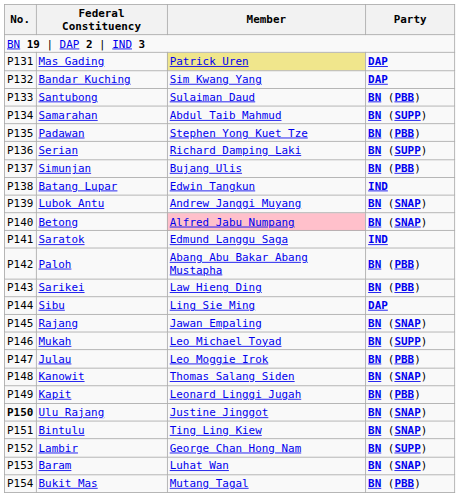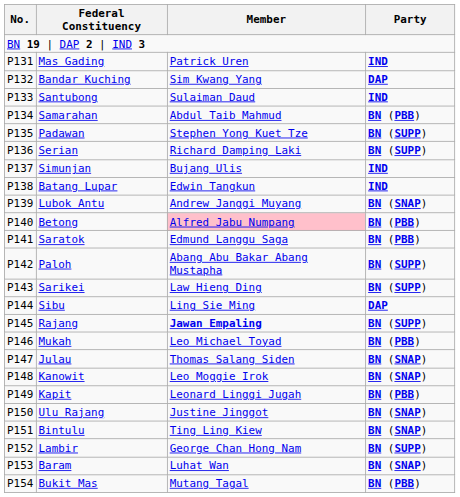 <table class="wikitable sortable">
 <tr>
 <th style="width:30px;">No.</th>
 <th style="width:150px;">Federal Constituency</th>
 <th style="width:230px;">Member</th>
 <th style="width:100px;">Party</th>
 </tr>
 <tr>
 <td colspan="4"><a href='#'>BN</a> <strong>19</strong> | <a href='#'>DAP</a> <strong>2</strong> | <a href='#'>IND</a> <strong>3</strong></td>
 </tr>
 <tr>
 <td>P131</td>
 <td><a href='#'>Mas Gading</a></td>
-<td style="background: khaki;"><a href='#'>Patrick Uren</a></td>
-<td><strong><a href='#'>DAP</a></strong></td>
+<td><a href='#'>Patrick Uren</a></td>
+<td><strong><a href='#'>IND</a></strong></td>
 </tr>
 <tr>
 <td>P132</td>
 <td><a href='#'>Bandar Kuching</a></td>
 <td><a href='#'>Sim Kwang Yang</a></td>
 <td><strong><a href='#'>DAP</a></strong></td>
 </tr>
 <tr>
 <td>P133</td>
 <td><a href='#'>Santubong</a></td>
 <td><a href='#'>Sulaiman Daud</a></td>
-<td><strong><a href='#'>BN</a></strong> (<strong><a href='#'>PBB</a></strong>)</td>
+<td><strong><a href='#'>IND</a></strong></td>
 </tr>
 <tr>
 <td>P134</td>
 <td><a href='#'>Samarahan</a></td>
 <td><a href='#'>Abdul Taib Mahmud</a></td>
-<td><strong><a href='#'>BN</a></strong> (<strong><a href='#'>SUPP</a></strong>)</td>
+<td><strong><a href='#'>BN</a></strong> (<strong><a href='#'>PBB</a></strong>)</td>
 </tr>
 <tr>
 <td>P135</td>
 <td><a href='#'>Padawan</a></td>
 <td><a href='#'>Stephen Yong Kuet Tze</a></td>
-<td><strong><a href='#'>BN</a></strong> (<strong><a href='#'>PBB</a></strong>)</td>
+<td><strong><a href='#'>BN</a></strong> (<strong><a href='#'>SUPP</a></strong>)</td>
 </tr>
 <tr>
 <td>P136</td>
 <td><a href='#'>Serian</a></td>
 <td><a href='#'>Richard Damping Laki</a></td>
 <td><strong><a href='#'>BN</a></strong> (<strong><a href='#'>SUPP</a></strong>)</td>
 </tr>
 <tr>
 <td>P137</td>
 <td><a href='#'>Simunjan</a></td>
 <td><a href='#'>Bujang Ulis</a></td>
-<td><strong><a href='#'>BN</a></strong> (<strong><a href='#'>PBB</a></strong>)</td>
+<td><strong><a href='#'>IND</a></strong></td>
 </tr>
 <tr>
 <td>P138</td>
 <td><a href='#'>Batang Lupar</a></td>
 <td><a href='#'>Edwin Tangkun</a></td>
 <td><strong><a href='#'>IND</a></strong></td>
 </tr>
 <tr>
 <td>P139</td>
 <td><a href='#'>Lubok Antu</a></td>
 <td><a href='#'>Andrew Janggi Muyang</a></td>
 <td><strong><a href='#'>BN</a></strong> (<strong><a href='#'>SNAP</a></strong>)</td>
 </tr>
 <tr>
 <td>P140</td>
 <td><a href='#'>Betong</a></td>
 <td style="background: pink;"><a href='#'>Alfred Jabu Numpang</a></td>
-<td><strong><a href='#'>BN</a></strong> (<strong><a href='#'>SNAP</a></strong>)</td>
+<td><strong><a href='#'>BN</a></strong> (<strong><a href='#'>PBB</a></strong>)</td>
 </tr>
 <tr>
 <td>P141</td>
 <td><a href='#'>Saratok</a></td>
 <td><a href='#'>Edmund Langgu Saga</a></td>
-<td><strong><a href='#'>IND</a></strong></td>
+<td><strong><a href='#'>BN</a></strong> (<strong><a href='#'>PBB</a></strong>)</td>
 </tr>
 <tr>
 <td>P142</td>
 <td><a href='#'>Paloh</a></td>
 <td><a href='#'>Abang Abu Bakar Abang Mustapha</a></td>
-<td><strong><a href='#'>BN</a></strong> (<strong><a href='#'>PBB</a></strong>)</td>
+<td><strong><a href='#'>BN</a></strong> (<strong><a href='#'>SUPP</a></strong>)</td>
 </tr>
 <tr>
 <td>P143</td>
 <td><a href='#'>Sarikei</a></td>
 <td><a href='#'>Law Hieng Ding</a></td>
-<td><strong><a href='#'>BN</a></strong> (<strong><a href='#'>PBB</a></strong>)</td>
+<td><strong><a href='#'>BN</a></strong> (<strong><a href='#'>SUPP</a></strong>)</td>
 </tr>
 <tr>
 <td>P144</td>
 <td><a href='#'>Sibu</a></td>
 <td><a href='#'>Ling Sie Ming</a></td>
 <td><strong><a href='#'>DAP</a></strong></td>
 </tr>
 <tr>
 <td>P145</td>
 <td><a href='#'>Rajang</a></td>
-<td><a href='#'>Jawan Empaling</a></td>
-<td><strong><a href='#'>BN</a></strong> (<strong><a href='#'>SNAP</a></strong>)</td>
+<td><strong><a href='#'>Jawan Empaling</a></strong></td>
+<td><strong><a href='#'>BN</a></strong> (<strong><a href='#'>SUPP</a></strong>)</td>
 </tr>
 <tr>
 <td>P146</td>
 <td><a href='#'>Mukah</a></td>
 <td><a href='#'>Leo Michael Toyad</a></td>
-<td><strong><a href='#'>BN</a></strong> (<strong><a href='#'>SUPP</a></strong>)</td>
+<td><strong><a href='#'>BN</a></strong> (<strong><a href='#'>PBB</a></strong>)</td>
 </tr>
 <tr>
 <td>P147</td>
 <td><a href='#'>Julau</a></td>
-<td><a href='#'>Leo Moggie Irok</a></td>
-<td><strong><a href='#'>BN</a></strong> (<strong><a href='#'>PBB</a></strong>)</td>
+<td><a href='#'>Thomas Salang Siden</a></td>
+<td><strong><a href='#'>BN</a></strong> (<strong><a href='#'>SNAP</a></strong>)</td>
 </tr>
 <tr>
 <td>P148</td>
 <td><a href='#'>Kanowit</a></td>
-<td><a href='#'>Thomas Salang Siden</a></td>
+<td><a href='#'>Leo Moggie Irok</a></td>
 <td><strong><a href='#'>BN</a></strong> (<strong><a href='#'>SNAP</a></strong>)</td>
 </tr>
 <tr>
 <td>P149</td>
 <td><a href='#'>Kapit</a></td>
 <td><a href='#'>Leonard Linggi Jugah</a></td>
 <td><strong><a href='#'>BN</a></strong> (<strong><a href='#'>PBB</a></strong>)</td>
 </tr>
 <tr>
-<td><strong>P150</strong></td>
+<td>P150</td>
 <td><a href='#'>Ulu Rajang</a></td>
 <td><a href='#'>Justine Jinggot</a></td>
 <td><strong><a href='#'>BN</a></strong> (<strong><a href='#'>SNAP</a></strong>)</td>
 </tr>
 <tr>
 <td>P151</td>
 <td><a href='#'>Bintulu</a></td>
 <td><a href='#'>Ting Ling Kiew</a></td>
 <td><strong><a href='#'>BN</a></strong> (<strong><a href='#'>SNAP</a></strong>)</td>
 </tr>
 <tr>
 <td>P152</td>
 <td><a href='#'>Lambir</a></td>
 <td><a href='#'>George Chan Hong Nam</a></td>
 <td><strong><a href='#'>BN</a></strong> (<strong><a href='#'>SUPP</a></strong>)</td>
 </tr>
 <tr>
 <td>P153</td>
 <td><a href='#'>Baram</a></td>
 <td><a href='#'>Luhat Wan</a></td>
 <td><strong><a href='#'>BN</a></strong> (<strong><a href='#'>SNAP</a></strong>)</td>
 </tr>
 <tr>
 <td>P154</td>
 <td><a href='#'>Bukit Mas</a></td>
 <td><a href='#'>Mutang Tagal</a></td>
 <td><strong><a href='#'>BN</a></strong> (<strong><a href='#'>PBB</a></strong>)</td>
 </tr>
 </table>
